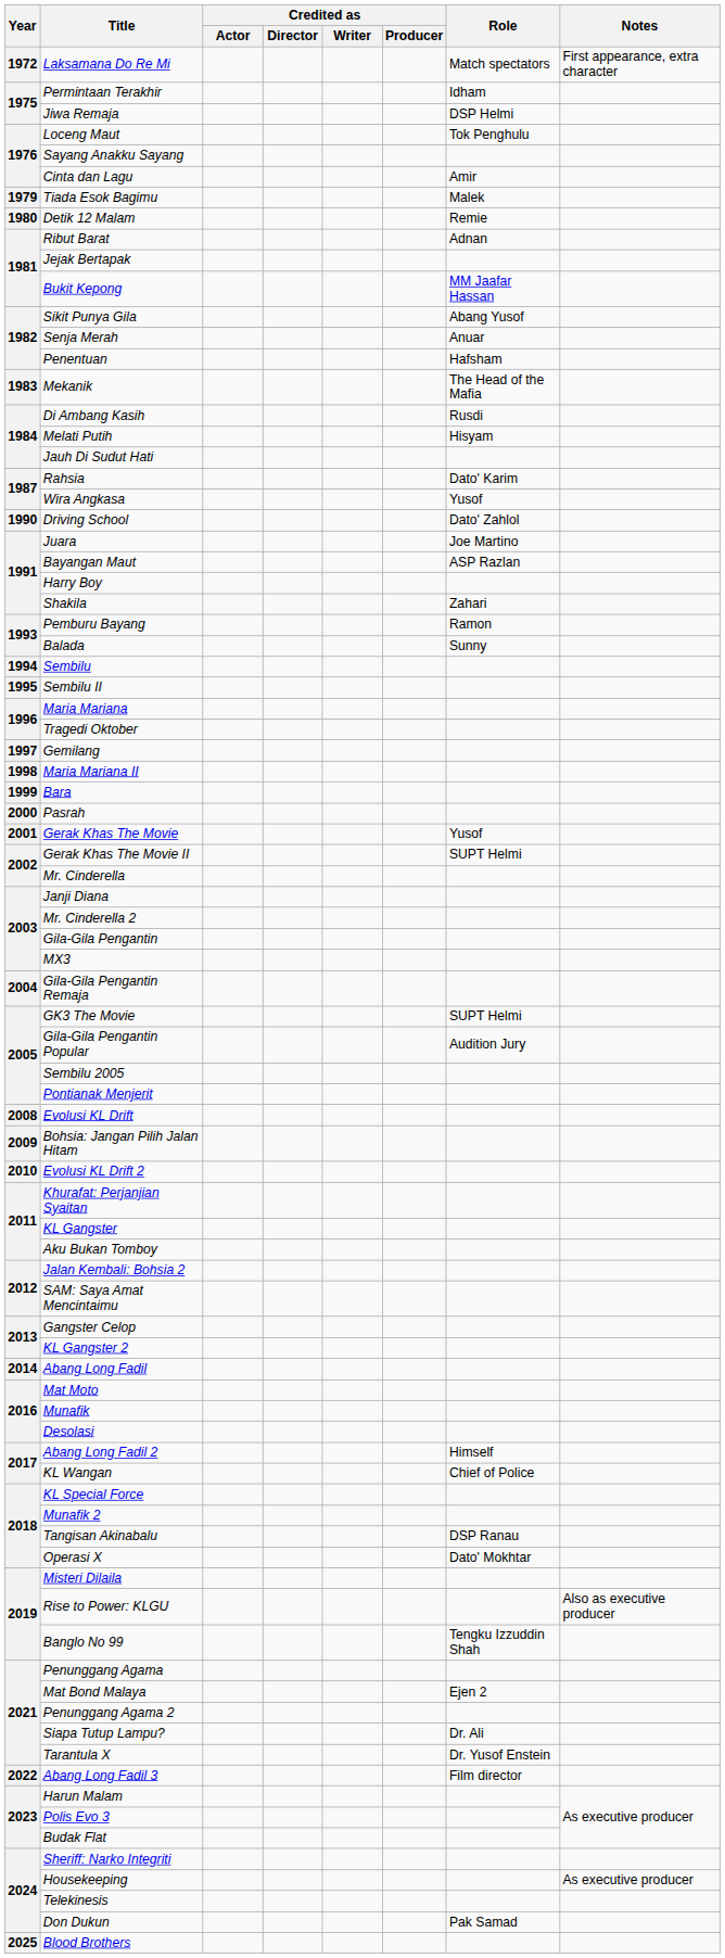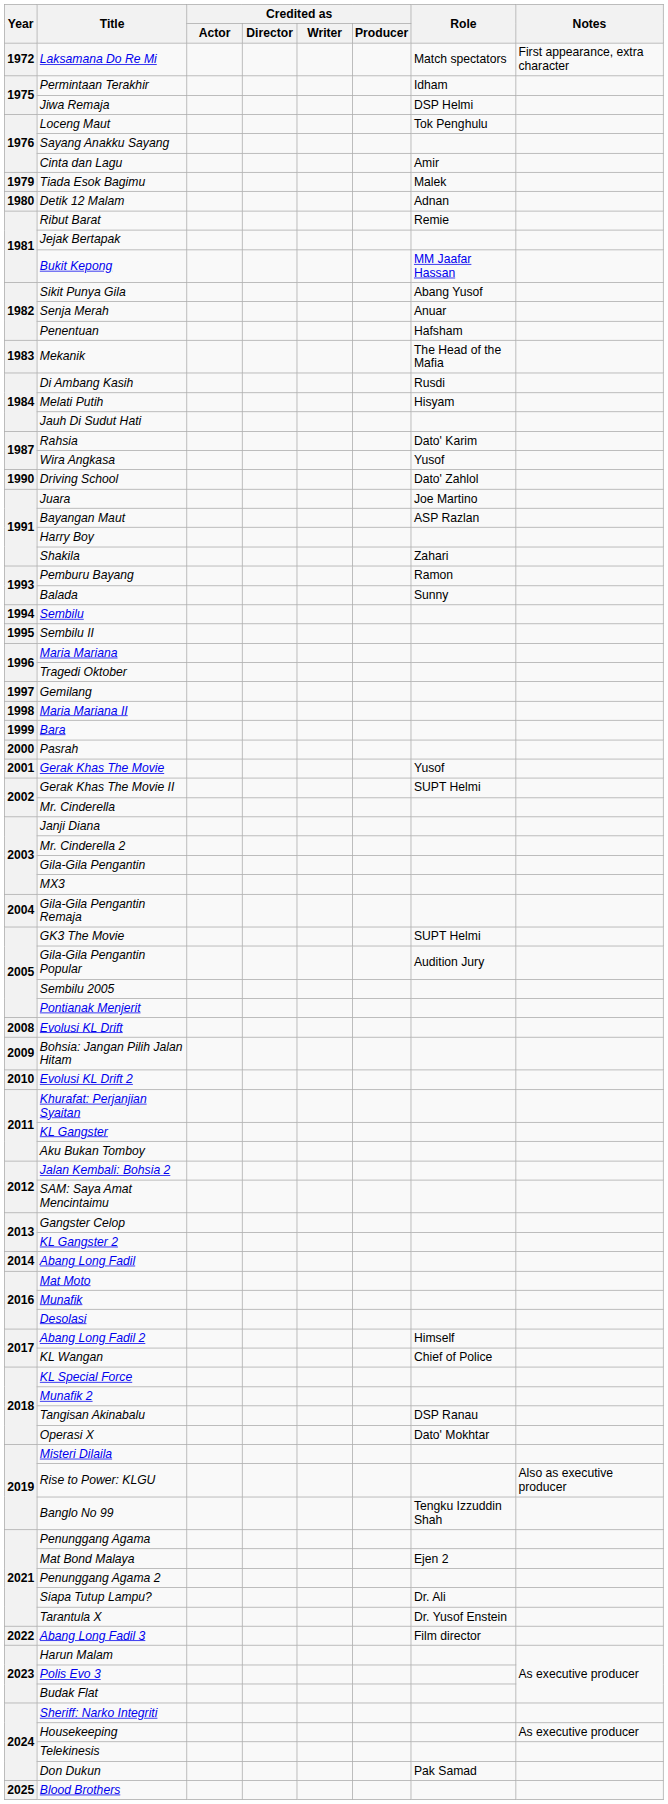 <table class="wikitable">
 <tr>
 <th rowspan="2">Year</th>
 <th rowspan="2">Title</th>
 <th colspan="4">Credited as</th>
 <th rowspan="2">Role</th>
 <th rowspan="2">Notes</th>
 </tr>
 <tr>
 <th width="65">Actor</th>
 <th width="65">Director</th>
 <th width="65">Writer</th>
 <th width="65">Producer</th>
 </tr>
 <tr>
 <th>1972</th>
 <td><em><a href='#'>Laksamana Do Re Mi</a></em></td>
 <td></td>
 <td></td>
 <td></td>
 <td></td>
 <td>Match spectators</td>
 <td>First appearance, extra character</td>
 </tr>
 <tr>
 <th rowspan="2">1975</th>
 <td><em>Permintaan Terakhir</em></td>
 <td></td>
 <td></td>
 <td></td>
 <td></td>
 <td>Idham</td>
 <td></td>
 </tr>
 <tr>
 <td><em>Jiwa Remaja</em></td>
 <td></td>
 <td></td>
 <td></td>
 <td></td>
 <td>DSP Helmi</td>
 <td></td>
 </tr>
 <tr>
 <th rowspan="3">1976</th>
 <td><em>Loceng Maut</em></td>
 <td></td>
 <td></td>
 <td></td>
 <td></td>
 <td>Tok Penghulu</td>
 <td></td>
 </tr>
 <tr>
 <td><em>Sayang Anakku Sayang</em></td>
 <td></td>
 <td></td>
 <td></td>
 <td></td>
 <td></td>
 <td></td>
 </tr>
 <tr>
 <td><em>Cinta dan Lagu</em></td>
 <td></td>
 <td></td>
 <td></td>
 <td></td>
 <td>Amir</td>
 <td></td>
 </tr>
 <tr>
 <th>1979</th>
 <td><em>Tiada Esok Bagimu</em></td>
 <td></td>
 <td></td>
 <td></td>
 <td></td>
 <td>Malek</td>
 <td></td>
 </tr>
 <tr>
 <th>1980</th>
 <td><em>Detik 12 Malam</em></td>
 <td></td>
 <td></td>
 <td></td>
 <td></td>
-<td>Remie</td>
+<td>Adnan</td>
 <td></td>
 </tr>
 <tr>
 <th rowspan="3">1981</th>
 <td><em>Ribut Barat</em></td>
 <td></td>
 <td></td>
 <td></td>
 <td></td>
-<td>Adnan</td>
+<td>Remie</td>
 <td></td>
 </tr>
 <tr>
 <td><em>Jejak Bertapak</em></td>
 <td></td>
 <td></td>
 <td></td>
 <td></td>
 <td></td>
 <td></td>
 </tr>
 <tr>
 <td><em><a href='#'>Bukit Kepong</a></em></td>
 <td></td>
 <td></td>
 <td></td>
 <td></td>
 <td><a href='#'>MM Jaafar Hassan</a></td>
 <td></td>
 </tr>
 <tr>
 <th rowspan="3">1982</th>
 <td><em>Sikit Punya Gila</em></td>
 <td></td>
 <td></td>
 <td></td>
 <td></td>
 <td>Abang Yusof</td>
 <td></td>
 </tr>
 <tr>
 <td><em>Senja Merah</em></td>
 <td></td>
 <td></td>
 <td></td>
 <td></td>
 <td>Anuar</td>
 <td></td>
 </tr>
 <tr>
 <td><em>Penentuan</em></td>
 <td></td>
 <td></td>
 <td></td>
 <td></td>
 <td>Hafsham</td>
 <td></td>
 </tr>
 <tr>
 <th>1983</th>
 <td><em>Mekanik</em></td>
 <td></td>
 <td></td>
 <td></td>
 <td></td>
 <td>The Head of the Mafia</td>
 <td></td>
 </tr>
 <tr>
 <th rowspan="3">1984</th>
 <td><em>Di Ambang Kasih</em></td>
 <td></td>
 <td></td>
 <td></td>
 <td></td>
 <td>Rusdi</td>
 <td></td>
 </tr>
 <tr>
 <td><em>Melati Putih</em></td>
 <td></td>
 <td></td>
 <td></td>
 <td></td>
 <td>Hisyam</td>
 <td></td>
 </tr>
 <tr>
 <td><em>Jauh Di Sudut Hati</em></td>
 <td></td>
 <td></td>
 <td></td>
 <td></td>
 <td></td>
 <td></td>
 </tr>
 <tr>
 <th rowspan="2">1987</th>
 <td><em>Rahsia</em></td>
 <td></td>
 <td></td>
 <td></td>
 <td></td>
 <td>Dato' Karim</td>
 <td></td>
 </tr>
 <tr>
 <td><em>Wira Angkasa</em></td>
 <td></td>
 <td></td>
 <td></td>
 <td></td>
 <td>Yusof</td>
 <td></td>
 </tr>
 <tr>
 <th>1990</th>
 <td><em>Driving School</em></td>
 <td></td>
 <td></td>
 <td></td>
 <td></td>
 <td>Dato' Zahlol</td>
 <td></td>
 </tr>
 <tr>
 <th rowspan="4">1991</th>
 <td><em>Juara</em></td>
 <td></td>
 <td></td>
 <td></td>
 <td></td>
 <td>Joe Martino</td>
 <td></td>
 </tr>
 <tr>
 <td><em>Bayangan Maut</em></td>
 <td></td>
 <td></td>
 <td></td>
 <td></td>
 <td>ASP Razlan</td>
 <td></td>
 </tr>
 <tr>
 <td><em>Harry Boy</em></td>
 <td></td>
 <td></td>
 <td></td>
 <td></td>
 <td></td>
 <td></td>
 </tr>
 <tr>
 <td><em>Shakila</em></td>
 <td></td>
 <td></td>
 <td></td>
 <td></td>
 <td>Zahari</td>
 <td></td>
 </tr>
 <tr>
 <th rowspan="2">1993</th>
 <td><em>Pemburu Bayang</em></td>
 <td></td>
 <td></td>
 <td></td>
 <td></td>
 <td>Ramon</td>
 <td></td>
 </tr>
 <tr>
 <td><em>Balada</em></td>
 <td></td>
 <td></td>
 <td></td>
 <td></td>
 <td>Sunny</td>
 <td></td>
 </tr>
 <tr>
 <th>1994</th>
 <td><em><a href='#'>Sembilu</a></em></td>
 <td></td>
 <td></td>
 <td></td>
 <td></td>
 <td></td>
 <td></td>
 </tr>
 <tr>
 <th>1995</th>
 <td><em>Sembilu II</em></td>
 <td></td>
 <td></td>
 <td></td>
 <td></td>
 <td></td>
 <td></td>
 </tr>
 <tr>
 <th rowspan="2">1996</th>
 <td><em><a href='#'>Maria Mariana</a></em></td>
 <td></td>
 <td></td>
 <td></td>
 <td></td>
 <td></td>
 <td></td>
 </tr>
 <tr>
 <td><em>Tragedi Oktober</em></td>
 <td></td>
 <td></td>
 <td></td>
 <td></td>
 <td></td>
 <td></td>
 </tr>
 <tr>
 <th>1997</th>
 <td><em>Gemilang</em></td>
 <td></td>
 <td></td>
 <td></td>
 <td></td>
 <td></td>
 <td></td>
 </tr>
 <tr>
 <th>1998</th>
 <td><em><a href='#'>Maria Mariana II</a></em></td>
 <td></td>
 <td></td>
 <td></td>
 <td></td>
 <td></td>
 <td></td>
 </tr>
 <tr>
 <th>1999</th>
 <td><em><a href='#'>Bara</a></em></td>
 <td></td>
 <td></td>
 <td></td>
 <td></td>
 <td></td>
 <td></td>
 </tr>
 <tr>
 <th>2000</th>
 <td><em>Pasrah</em></td>
 <td></td>
 <td></td>
 <td></td>
 <td></td>
 <td></td>
 <td></td>
 </tr>
 <tr>
 <th>2001</th>
 <td><em><a href='#'>Gerak Khas The Movie</a></em></td>
 <td></td>
 <td></td>
 <td></td>
 <td></td>
 <td>Yusof</td>
 <td></td>
 </tr>
 <tr>
 <th rowspan="2">2002</th>
 <td><em>Gerak Khas The Movie II</em></td>
 <td></td>
 <td></td>
 <td></td>
 <td></td>
 <td>SUPT Helmi</td>
 <td></td>
 </tr>
 <tr>
 <td><em>Mr. Cinderella</em></td>
 <td></td>
 <td></td>
 <td></td>
 <td></td>
 <td></td>
 <td></td>
 </tr>
 <tr>
 <th rowspan="4">2003</th>
 <td><em>Janji Diana</em></td>
 <td></td>
 <td></td>
 <td></td>
 <td></td>
 <td></td>
 <td></td>
 </tr>
 <tr>
 <td><em>Mr. Cinderella 2</em></td>
 <td></td>
 <td></td>
 <td></td>
 <td></td>
 <td></td>
 <td></td>
 </tr>
 <tr>
 <td><em>Gila-Gila Pengantin</em></td>
 <td></td>
 <td></td>
 <td></td>
 <td></td>
 <td></td>
 <td></td>
 </tr>
 <tr>
 <td><em>MX3</em></td>
 <td></td>
 <td></td>
 <td></td>
 <td></td>
 <td></td>
 <td></td>
 </tr>
 <tr>
 <th>2004</th>
 <td><em>Gila-Gila Pengantin Remaja</em></td>
 <td></td>
 <td></td>
 <td></td>
 <td></td>
 <td></td>
 <td></td>
 </tr>
 <tr>
 <th rowspan="4">2005</th>
 <td><em>GK3 The Movie</em></td>
 <td></td>
 <td></td>
 <td></td>
 <td></td>
 <td>SUPT Helmi</td>
 <td></td>
 </tr>
 <tr>
 <td><em>Gila-Gila Pengantin Popular</em></td>
 <td></td>
 <td></td>
 <td></td>
 <td></td>
 <td>Audition Jury</td>
 <td></td>
 </tr>
 <tr>
 <td><em>Sembilu 2005</em></td>
 <td></td>
 <td></td>
 <td></td>
 <td></td>
 <td></td>
 <td></td>
 </tr>
 <tr>
 <td><em><a href='#'>Pontianak Menjerit</a></em></td>
 <td></td>
 <td></td>
 <td></td>
 <td></td>
 <td></td>
 <td></td>
 </tr>
 <tr>
 <th>2008</th>
 <td><em><a href='#'>Evolusi KL Drift</a></em></td>
 <td></td>
 <td></td>
 <td></td>
 <td></td>
 <td></td>
 <td></td>
 </tr>
 <tr>
 <th>2009</th>
 <td><em>Bohsia: Jangan Pilih Jalan Hitam</em></td>
 <td></td>
 <td></td>
 <td></td>
 <td></td>
 <td></td>
 <td></td>
 </tr>
 <tr>
 <th>2010</th>
 <td><em><a href='#'>Evolusi KL Drift 2</a></em></td>
 <td></td>
 <td></td>
 <td></td>
 <td></td>
 <td></td>
 <td></td>
 </tr>
 <tr>
 <th rowspan="3">2011</th>
 <td><em><a href='#'>Khurafat: Perjanjian Syaitan</a></em></td>
 <td></td>
 <td></td>
 <td></td>
 <td></td>
 <td></td>
 <td></td>
 </tr>
 <tr>
 <td><em><a href='#'>KL Gangster</a></em></td>
 <td></td>
 <td></td>
 <td></td>
 <td></td>
 <td></td>
 <td></td>
 </tr>
 <tr>
 <td><em>Aku Bukan Tomboy</em></td>
 <td></td>
 <td></td>
 <td></td>
 <td></td>
 <td></td>
 <td></td>
 </tr>
 <tr>
 <th rowspan="2">2012</th>
 <td><em><a href='#'>Jalan Kembali: Bohsia 2</a></em></td>
 <td></td>
 <td></td>
 <td></td>
 <td></td>
 <td></td>
 <td></td>
 </tr>
 <tr>
 <td><em>SAM: Saya Amat Mencintaimu</em></td>
 <td></td>
 <td></td>
 <td></td>
 <td></td>
 <td></td>
 <td></td>
 </tr>
 <tr>
 <th rowspan="2">2013</th>
 <td><em>Gangster Celop</em></td>
 <td></td>
 <td></td>
 <td></td>
 <td></td>
 <td></td>
 <td></td>
 </tr>
 <tr>
 <td><em><a href='#'>KL Gangster 2</a></em></td>
 <td></td>
 <td></td>
 <td></td>
 <td></td>
 <td></td>
 <td></td>
 </tr>
 <tr>
 <th>2014</th>
 <td><em><a href='#'>Abang Long Fadil</a></em></td>
 <td></td>
 <td></td>
 <td></td>
 <td></td>
 <td></td>
 <td></td>
 </tr>
 <tr>
 <th rowspan="3">2016</th>
 <td><em><a href='#'>Mat Moto</a></em></td>
 <td></td>
 <td></td>
 <td></td>
 <td></td>
 <td></td>
 <td></td>
 </tr>
 <tr>
 <td><em><a href='#'>Munafik</a></em></td>
 <td></td>
 <td></td>
 <td></td>
 <td></td>
 <td></td>
 <td></td>
 </tr>
 <tr>
 <td><em><a href='#'>Desolasi</a></em></td>
 <td></td>
 <td></td>
 <td></td>
 <td></td>
 <td></td>
 <td></td>
 </tr>
 <tr>
 <th rowspan="2">2017</th>
 <td><em><a href='#'>Abang Long Fadil 2</a></em></td>
 <td></td>
 <td></td>
 <td></td>
 <td></td>
 <td>Himself</td>
 <td></td>
 </tr>
 <tr>
 <td><em>KL Wangan</em></td>
 <td></td>
 <td></td>
 <td></td>
 <td></td>
 <td>Chief of Police</td>
 <td></td>
 </tr>
 <tr>
 <th rowspan="4">2018</th>
 <td><em><a href='#'>KL Special Force</a></em></td>
 <td></td>
 <td></td>
 <td></td>
 <td></td>
 <td></td>
 <td></td>
 </tr>
 <tr>
 <td><em><a href='#'>Munafik 2</a></em></td>
 <td></td>
 <td></td>
 <td></td>
 <td></td>
 <td></td>
 <td></td>
 </tr>
 <tr>
 <td><em>Tangisan Akinabalu</em></td>
 <td></td>
 <td></td>
 <td></td>
 <td></td>
 <td>DSP Ranau</td>
 <td></td>
 </tr>
 <tr>
 <td><em>Operasi X</em></td>
 <td></td>
 <td></td>
 <td></td>
 <td></td>
 <td>Dato' Mokhtar</td>
 <td></td>
 </tr>
 <tr>
 <th rowspan="3">2019</th>
 <td><em><a href='#'>Misteri Dilaila</a></em></td>
 <td></td>
 <td></td>
 <td></td>
 <td></td>
 <td></td>
 <td></td>
 </tr>
 <tr>
 <td><em>Rise to Power: KLGU</em></td>
 <td></td>
 <td></td>
 <td></td>
 <td></td>
 <td></td>
 <td>Also as executive producer</td>
 </tr>
 <tr>
 <td><em>Banglo No 99</em></td>
 <td></td>
 <td></td>
 <td></td>
 <td></td>
 <td>Tengku Izzuddin Shah</td>
 <td></td>
 </tr>
 <tr>
 <th rowspan="5">2021</th>
 <td><em>Penunggang Agama</em></td>
 <td></td>
 <td></td>
 <td></td>
 <td></td>
 <td></td>
 <td></td>
 </tr>
 <tr>
 <td><em>Mat Bond Malaya</em></td>
 <td></td>
 <td></td>
 <td></td>
 <td></td>
 <td>Ejen 2</td>
 <td></td>
 </tr>
 <tr>
 <td><em>Penunggang Agama 2</em></td>
 <td></td>
 <td></td>
 <td></td>
 <td></td>
 <td></td>
 <td></td>
 </tr>
 <tr>
 <td><em>Siapa Tutup Lampu?</em></td>
 <td></td>
 <td></td>
 <td></td>
 <td></td>
 <td>Dr. Ali</td>
 <td></td>
 </tr>
 <tr>
 <td><em>Tarantula X</em></td>
 <td></td>
 <td></td>
 <td></td>
 <td></td>
 <td>Dr. Yusof Enstein</td>
 <td></td>
 </tr>
 <tr>
 <th>2022</th>
 <td><em><a href='#'>Abang Long Fadil 3</a></em></td>
 <td></td>
 <td></td>
 <td></td>
 <td></td>
 <td>Film director</td>
 <td></td>
 </tr>
 <tr>
 <th rowspan="3">2023</th>
 <td><em>Harun Malam</em></td>
 <td></td>
 <td></td>
 <td></td>
 <td></td>
 <td></td>
 <td rowspan="3">As executive producer</td>
 </tr>
 <tr>
 <td><em><a href='#'>Polis Evo 3</a></em></td>
 <td></td>
 <td></td>
 <td></td>
 <td></td>
 <td></td>
 </tr>
 <tr>
 <td><em>Budak Flat</em></td>
 <td></td>
 <td></td>
 <td></td>
 <td></td>
 <td></td>
 </tr>
 <tr>
 <th rowspan="4">2024</th>
 <td><em><a href='#'>Sheriff: Narko Integriti</a></em></td>
 <td></td>
 <td></td>
 <td></td>
 <td></td>
 <td></td>
 <td></td>
 </tr>
 <tr>
 <td><em>Housekeeping</em></td>
 <td></td>
 <td></td>
 <td></td>
 <td></td>
 <td></td>
 <td>As executive producer</td>
 </tr>
 <tr>
 <td><em>Telekinesis</em></td>
 <td></td>
 <td></td>
 <td></td>
 <td></td>
 <td></td>
 <td></td>
 </tr>
 <tr>
 <td><em>Don Dukun</em></td>
 <td></td>
 <td></td>
 <td></td>
 <td></td>
 <td>Pak Samad</td>
 <td></td>
 </tr>
 <tr>
 <th>2025</th>
 <td><em><a href='#'>Blood Brothers</a></em></td>
 <td></td>
 <td></td>
 <td></td>
 <td></td>
 <td></td>
 <td></td>
 </tr>
 </table>
